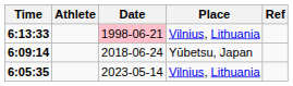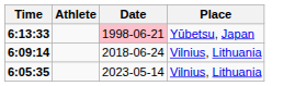 <table class="wikitable sortable" style="font-size:95%">
 <tr>
 <th>Time</th>
 <th>Athlete</th>
 <th>Date</th>
 <th>Place</th>
-<th>Ref</th>
 </tr>
 <tr>
 <td align=center><strong>6:13:33</strong></td>
 <td></td>
 <td style="background: pink;">1998-06-21</td>
-<td><a href='#'>Vilnius</a>, <a href='#'>Lithuania</a></td>
-<td></td>
+<td><a href='#'>Yūbetsu</a>, <a href='#'>Japan</a></td>
 </tr>
 <tr>
 <td align=center><strong>6:09:14</strong></td>
 <td></td>
 <td>2018-06-24</td>
-<td>Yūbetsu, Japan</td>
-<td></td>
+<td><a href='#'>Vilnius</a>, <a href='#'>Lithuania</a></td>
 </tr>
 <tr>
 <td align=center><strong>6:05:35</strong></td>
 <td></td>
 <td>2023-05-14</td>
 <td><a href='#'>Vilnius</a>, <a href='#'>Lithuania</a></td>
-<td></td>
 </tr>
 </table>
